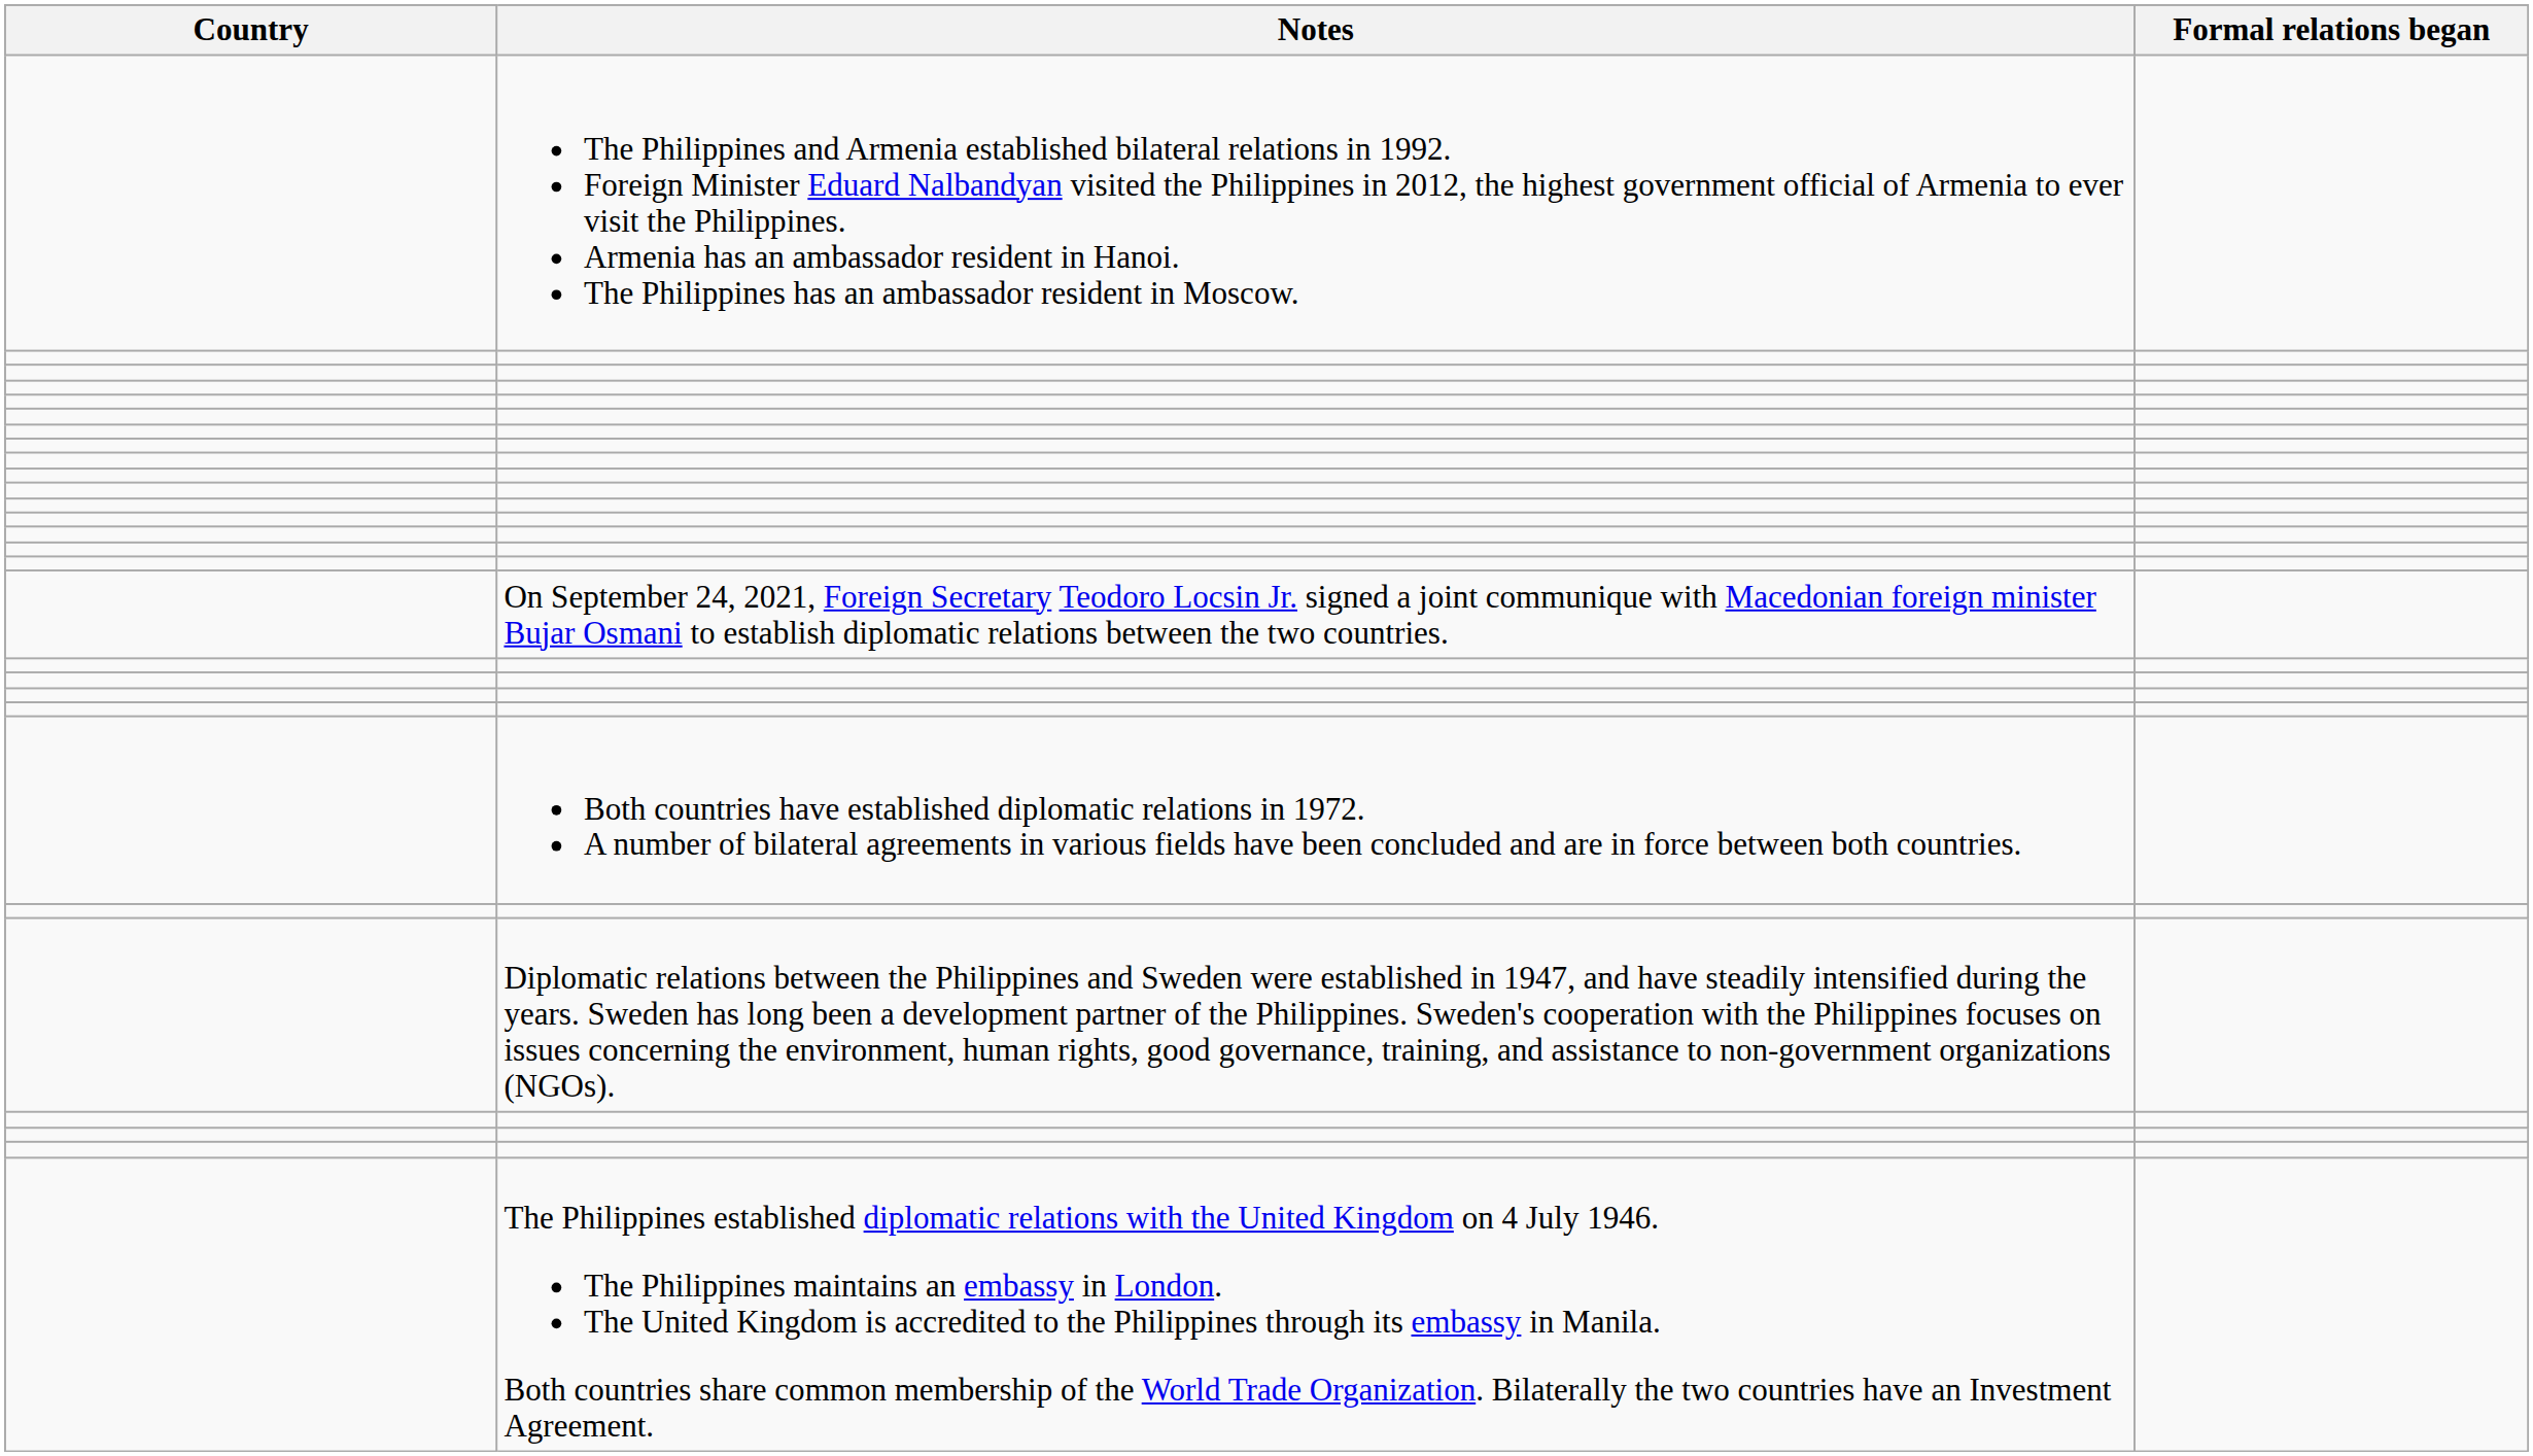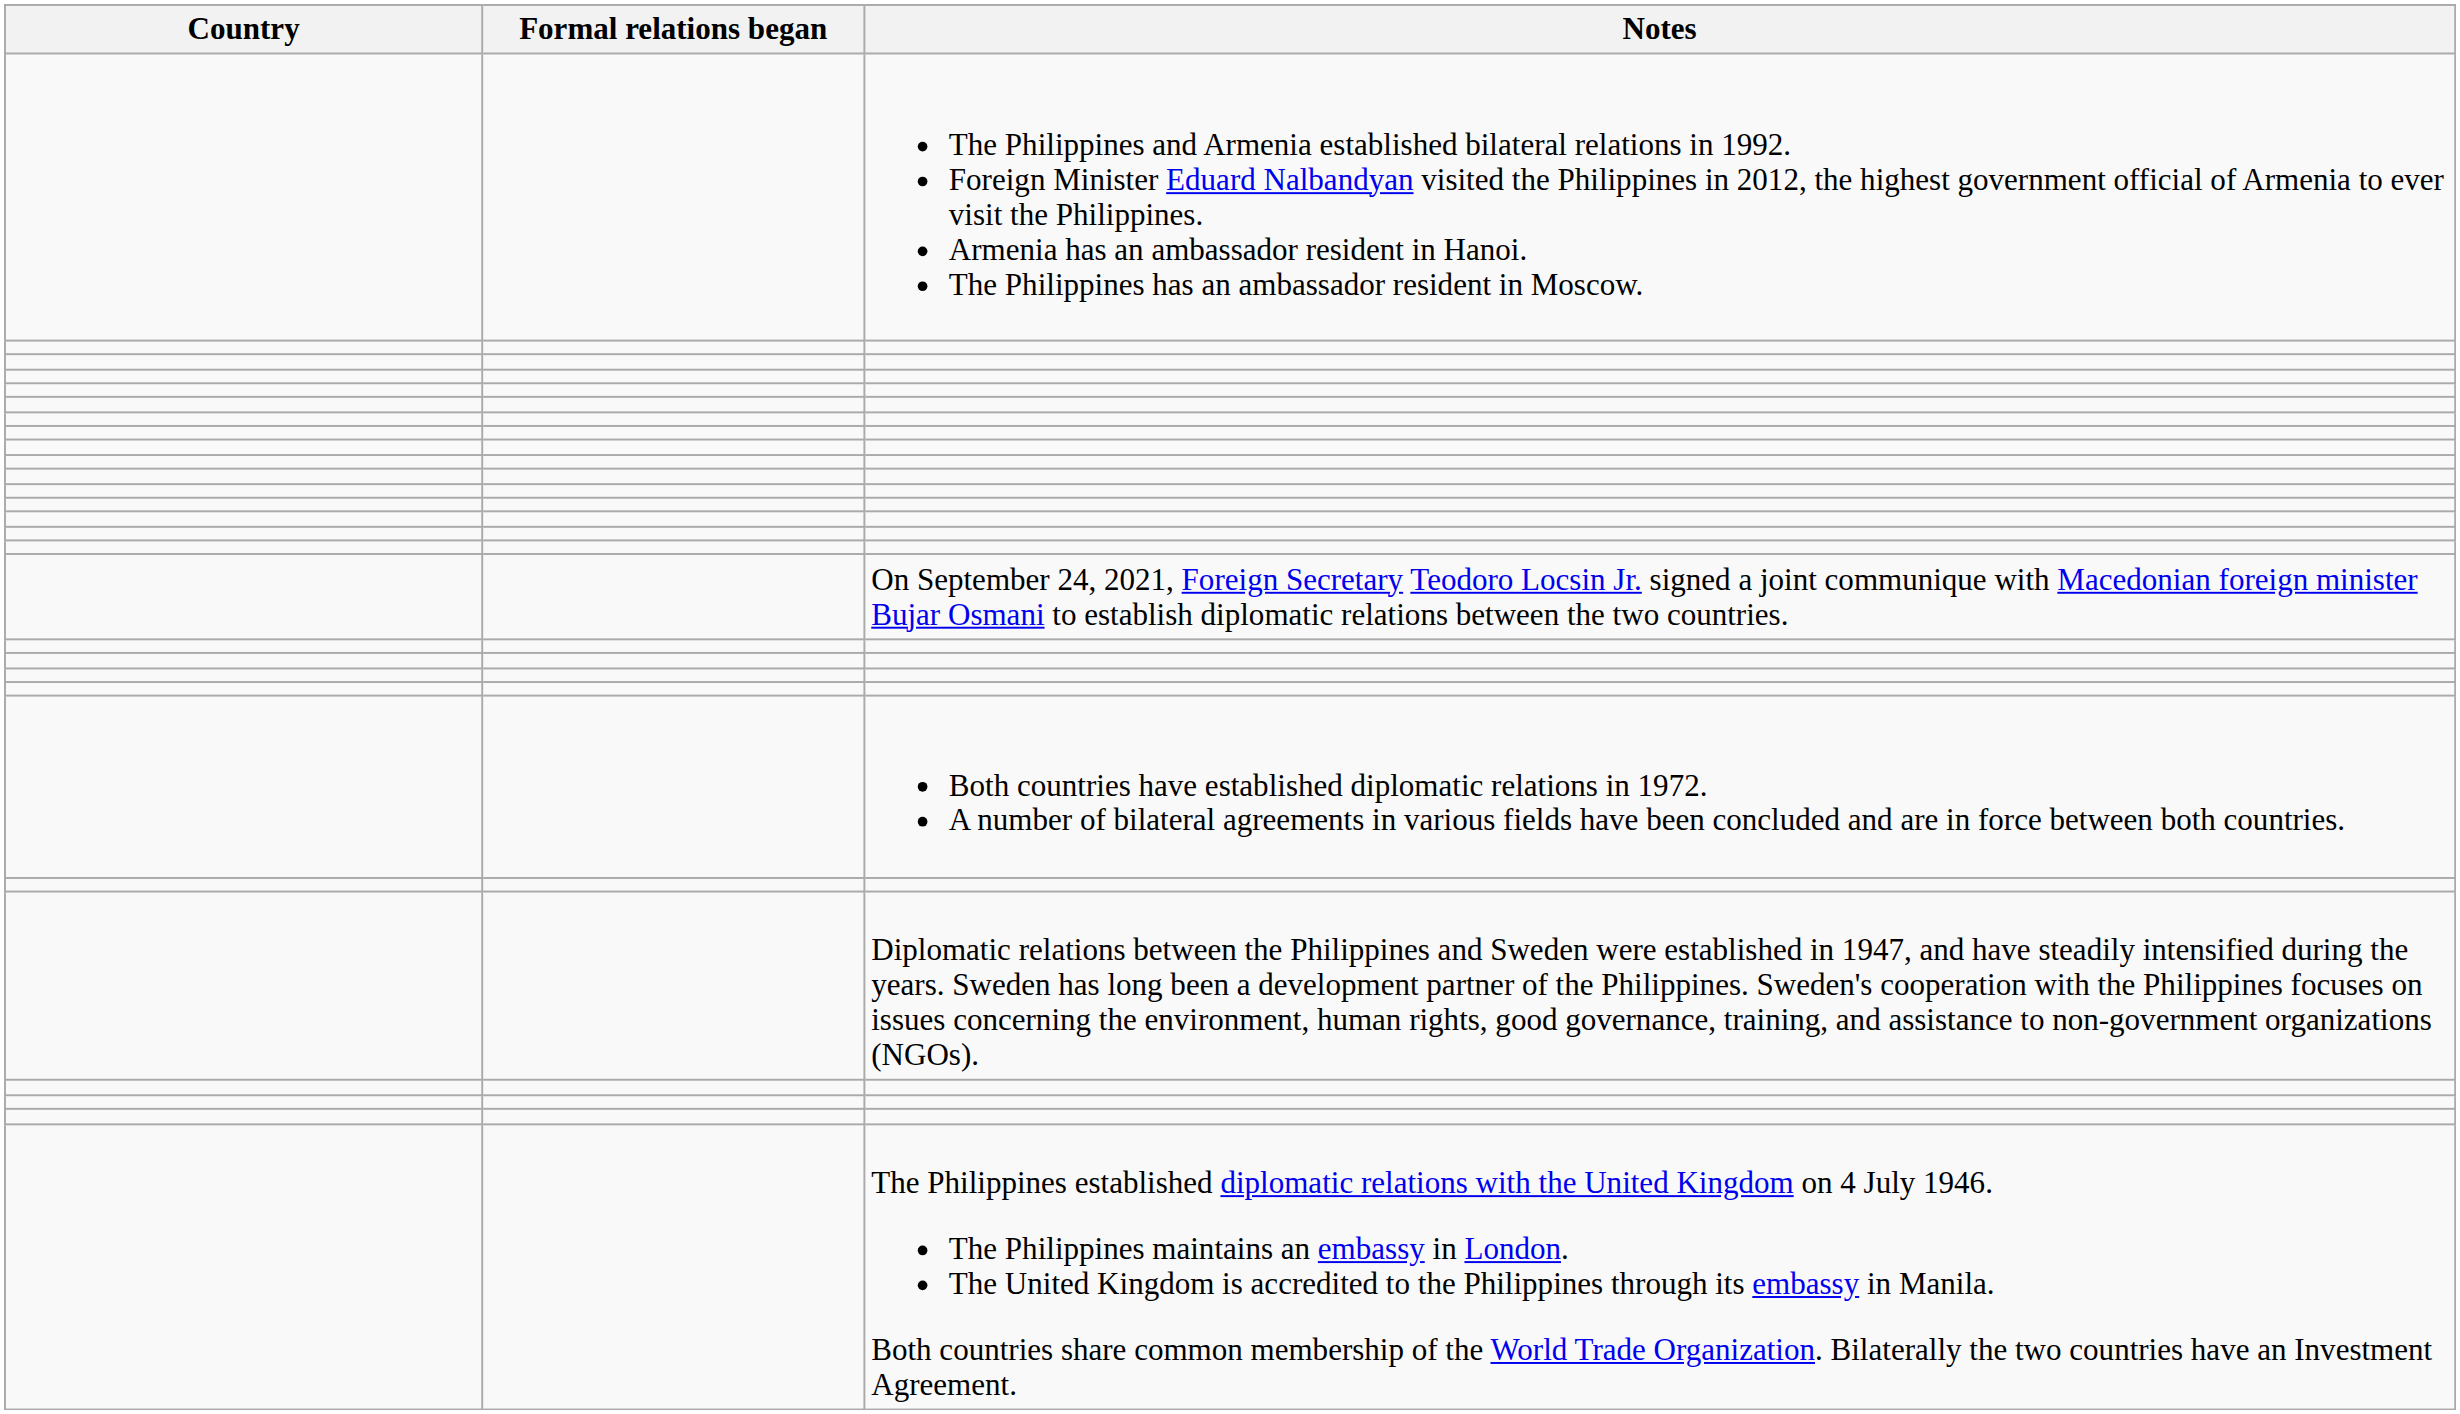 <table class="wikitable sortable" style="width:100%; margin:auto;">
 <tr>
 <th style="width:15%;">Country</th>
+<th style="width:12%;">Formal relations began</th>
 <th class="unsortable" style="width:50%;">Notes</th>
-<th style="width:12%;">Formal relations began</th>
 </tr>
 <tr valign="top">
 <td></td>
+<td></td>
 <td><br><ul><li>The Philippines and Armenia established bilateral relations in 1992.</li><li>Foreign Minister <a href='#'>Eduard Nalbandyan</a> visited the Philippines in 2012, the highest government official of Armenia to ever visit the Philippines.</li><li>Armenia has an ambassador resident in Hanoi.</li><li>The Philippines has an ambassador resident in Moscow.</li></ul></td>
-<td></td>
 </tr>
 <tr valign="top">
 <td></td>
 <td></td>
 <td></td>
 </tr>
 <tr valign="top">
 <td></td>
 <td></td>
 <td></td>
 </tr>
 <tr valign="top">
 <td></td>
 <td></td>
 <td></td>
 </tr>
 <tr valign="top">
 <td></td>
 <td></td>
 <td></td>
 </tr>
 <tr valign="top">
 <td></td>
 <td></td>
 <td></td>
 </tr>
 <tr valign="top">
 <td></td>
 <td></td>
 <td></td>
 </tr>
 <tr valign="top">
 <td></td>
 <td></td>
 <td></td>
 </tr>
 <tr valign="top">
 <td></td>
 <td></td>
 <td></td>
 </tr>
 <tr valign="top">
 <td></td>
 <td></td>
 <td></td>
 </tr>
 <tr valign="top">
 <td></td>
 <td></td>
 <td></td>
 </tr>
 <tr valign="top">
 <td></td>
 <td></td>
 <td></td>
 </tr>
 <tr valign="top">
 <td></td>
 <td></td>
 <td></td>
 </tr>
 <tr valign="top">
 <td></td>
 <td></td>
 <td></td>
 </tr>
 <tr valign="top">
 <td></td>
 <td></td>
 <td></td>
 </tr>
 <tr valign="top">
 <td></td>
 <td></td>
 <td></td>
 </tr>
 <tr valign="top">
 <td></td>
+<td></td>
 <td>On September 24, 2021, <a href='#'>Foreign Secretary</a> <a href='#'>Teodoro Locsin Jr.</a> signed a joint communique with <a href='#'>Macedonian foreign minister</a> <a href='#'>Bujar Osmani</a> to establish diplomatic relations between the two countries.</td>
-<td></td>
 </tr>
 <tr valign="top">
 <td></td>
 <td></td>
 <td></td>
 </tr>
 <tr valign="top">
 <td></td>
 <td></td>
 <td></td>
 </tr>
 <tr valign="top">
 <td></td>
 <td></td>
 <td></td>
 </tr>
 <tr valign="top">
 <td></td>
 <td></td>
 <td></td>
 </tr>
 <tr valign="top">
 <td></td>
+<td></td>
 <td><br><ul><li>Both countries have established diplomatic relations in 1972.</li><li>A number of bilateral agreements in various fields have been concluded and are in force between both countries.</li></ul></td>
-<td></td>
 </tr>
 <tr valign="top">
 <td></td>
 <td></td>
 <td></td>
 </tr>
 <tr valign="top">
 <td></td>
+<td></td>
 <td><br>Diplomatic relations between the Philippines and Sweden were established in 1947, and have steadily intensified during the years. Sweden has long been a development partner of the Philippines. Sweden's cooperation with the Philippines focuses on issues concerning the environment, human rights, good governance, training, and assistance to non-government organizations (NGOs).</td>
-<td></td>
 </tr>
 <tr valign="top">
 <td></td>
 <td></td>
 <td></td>
 </tr>
 <tr valign="top">
 <td></td>
 <td></td>
 <td></td>
 </tr>
 <tr valign="top">
 <td></td>
 <td></td>
 <td></td>
 </tr>
 <tr valign="top">
 <td></td>
+<td></td>
 <td><br>The Philippines established <a href='#'>diplomatic relations with the United Kingdom</a> on 4 July 1946.<ul><li>The Philippines maintains an <a href='#'>embassy</a> in <a href='#'>London</a>.</li><li>The United Kingdom is accredited to the Philippines through its <a href='#'>embassy</a> in Manila.</li></ul>Both countries share common membership of the <a href='#'>World Trade Organization</a>. Bilaterally the two countries have an Investment Agreement.</td>
-<td></td>
 </tr>
 </table>
